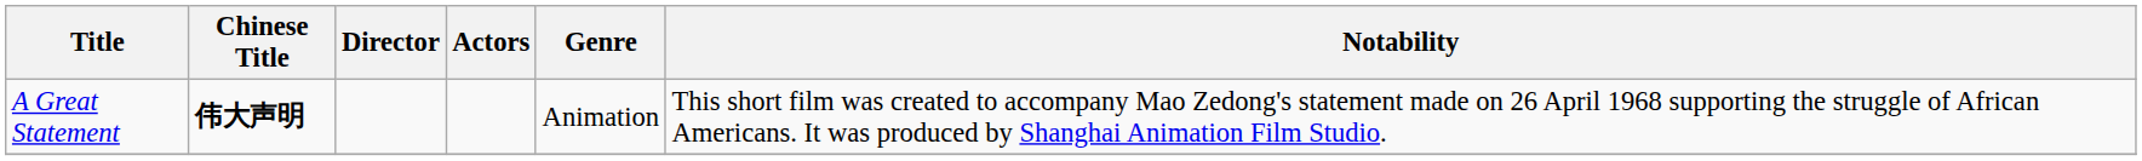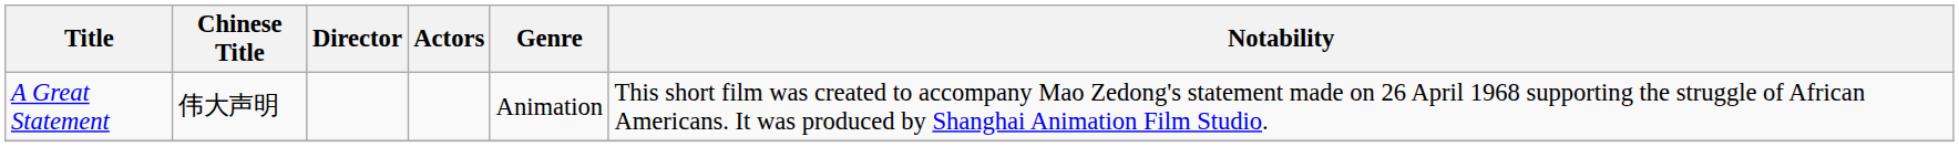 <table class="wikitable">
 <tr>
 <th>Title</th>
 <th>Chinese Title</th>
 <th>Director</th>
 <th>Actors</th>
 <th>Genre</th>
 <th>Notability</th>
 </tr>
 <tr>
 <td><em><a href='#'>A Great Statement</a></em></td>
-<td><strong>伟大声明</strong></td>
+<td>伟大声明</td>
 <td></td>
 <td></td>
 <td>Animation</td>
 <td>This short film was created to accompany Mao Zedong's statement made on 26 April 1968 supporting the struggle of African Americans. It was produced by <a href='#'>Shanghai Animation Film Studio</a>.</td>
 </tr>
 <tr>
 </tr>
 </table>
